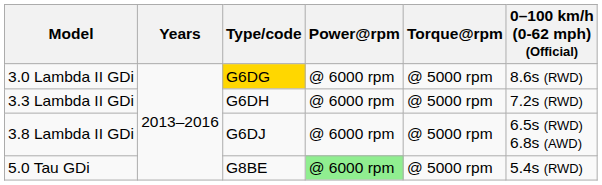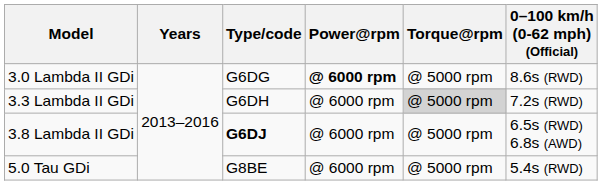 <table class="wikitable sortable collapsible">
 <tr>
 <th>Model</th>
 <th>Years</th>
 <th>Type/code</th>
 <th>Power@rpm</th>
 <th>Torque@rpm</th>
 <th>0–100 km/h<br>(0-62 mph)<br><small>(Official)</small></th>
 </tr>
 <tr>
 <td>3.0 Lambda II GDi</td>
 <td rowspan=4>2013–2016</td>
-<td style="background: gold;"> G6DG</td>
-<td> @ 6000 rpm</td>
+<td> G6DG</td>
+<td><strong> @ 6000 rpm</strong></td>
 <td> @ 5000 rpm</td>
 <td>8.6s <small>(RWD)</small></td>
 </tr>
 <tr>
 <td>3.3 Lambda II GDi</td>
 <td> G6DH</td>
 <td> @ 6000 rpm</td>
-<td> @ 5000 rpm</td>
+<td style="background: lightgrey;"> @ 5000 rpm</td>
 <td>7.2s <small>(RWD)</small></td>
 </tr>
 <tr>
 <td>3.8 Lambda II GDi</td>
-<td> G6DJ</td>
+<td><strong> G6DJ</strong></td>
 <td> @ 6000 rpm</td>
 <td> @ 5000 rpm</td>
 <td>6.5s <small>(RWD)</small><br>6.8s <small>(AWD)</small></td>
 </tr>
 <tr>
 <td>5.0 Tau GDi</td>
 <td> G8BE</td>
-<td style="background: lightgreen;"> @ 6000 rpm</td>
+<td> @ 6000 rpm</td>
 <td> @ 5000 rpm</td>
 <td>5.4s <small>(RWD)</small></td>
 </tr>
 </table>
